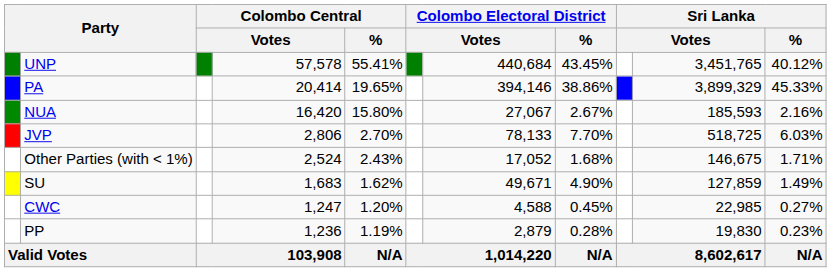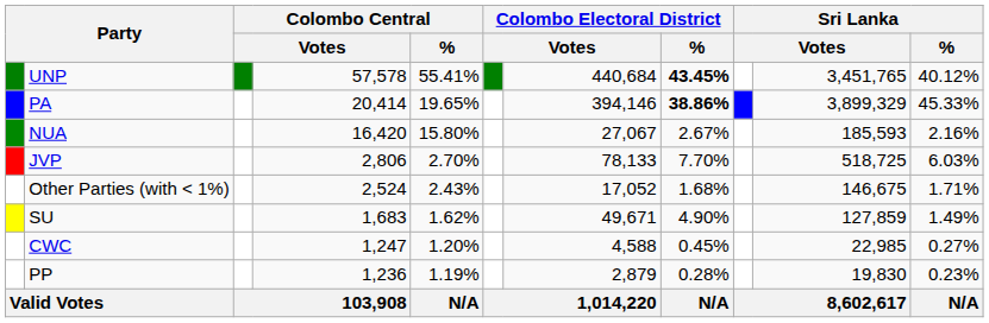 <table class="wikitable">
 <tr>
 <th colspan="2" width="144px"rowspan="2">Party</th>
 <th colspan="3" width="216px">Colombo Central</th>
 <th colspan="3" width="216px"><a href='#'>Colombo Electoral District</a></th>
 <th colspan="3" width="216px">Sri Lanka</th>
 </tr>
 <tr>
 <th colspan="2" width="144px">Votes</th>
 <th>%</th>
 <th colspan="2" width="144px">Votes</th>
 <th>%</th>
 <th colspan="2" width="144px">Votes</th>
 <th>%</th>
 </tr>
 <tr>
 <td style="background-color:green;" width="10px"></td>
 <td style="text-align:left;"><a href='#'>UNP</a></td>
 <td style="background-color:green;" width="10px"></td>
 <td style="text-align:right;">57,578</td>
 <td style="text-align:right;">55.41%</td>
 <td style="background-color:green;" width="10px"></td>
 <td style="text-align:right;">440,684</td>
-<td style="text-align:right;">43.45%</td>
+<td style="text-align:right;"><strong>43.45%</strong></td>
 <td style="background-color:white;" width="10px"></td>
 <td style="text-align:right;">3,451,765</td>
 <td style="text-align:right;">40.12%</td>
 </tr>
 <tr>
 <td style="background-color:blue;" width="10px"></td>
 <td style="text-align:left;"><a href='#'>PA</a></td>
 <td style="background-color:white;" width="10px"></td>
 <td style="text-align:right;">20,414</td>
 <td style="text-align:right;">19.65%</td>
 <td style="background-color:white;" width="10px"></td>
 <td style="text-align:right;">394,146</td>
-<td style="text-align:right;">38.86%</td>
+<td style="text-align:right;"><strong>38.86%</strong></td>
 <td style="background-color:blue;" width="10px"></td>
 <td style="text-align:right;">3,899,329</td>
 <td style="text-align:right;">45.33%</td>
 </tr>
 <tr>
 <td style="background-color:#008800;" width="10px"></td>
 <td style="text-align:left;"><a href='#'>NUA</a></td>
 <td style="background-color:white;" width="10px"></td>
 <td style="text-align:right;">16,420</td>
 <td style="text-align:right;">15.80%</td>
 <td style="background-color:white;" width="10px"></td>
 <td style="text-align:right;">27,067</td>
 <td style="text-align:right;">2.67%</td>
 <td style="background-color:white;" width="10px"></td>
 <td style="text-align:right;">185,593</td>
 <td style="text-align:right;">2.16%</td>
 </tr>
 <tr>
 <td style="background-color:red;" width="10px"></td>
 <td style="text-align:left;"><a href='#'>JVP</a></td>
 <td style="background-color:white;" width="10px"></td>
 <td style="text-align:right;">2,806</td>
 <td style="text-align:right;">2.70%</td>
 <td style="background-color:white;" width="10px"></td>
 <td style="text-align:right;">78,133</td>
 <td style="text-align:right;">7.70%</td>
 <td style="background-color:white;" width="10px"></td>
 <td style="text-align:right;">518,725</td>
 <td style="text-align:right;">6.03%</td>
 </tr>
 <tr>
 <td style="background-color:white;" width="10px"></td>
 <td style="text-align:left;">Other Parties (with < 1%)</td>
 <td style="background-color:white;" width="10px"></td>
 <td style="text-align:right;">2,524</td>
 <td style="text-align:right;">2.43%</td>
 <td style="background-color:white;" width="10px"></td>
 <td style="text-align:right;">17,052</td>
 <td style="text-align:right;">1.68%</td>
 <td style="background-color:white;" width="10px"></td>
 <td style="text-align:right;">146,675</td>
 <td style="text-align:right;">1.71%</td>
 </tr>
 <tr>
 <td style="background-color:yellow;" width="10px"></td>
 <td style="text-align:left;">SU</td>
 <td style="background-color:white;" width="10px"></td>
 <td style="text-align:right;">1,683</td>
 <td style="text-align:right;">1.62%</td>
 <td style="background-color:white;" width="10px"></td>
 <td style="text-align:right;">49,671</td>
 <td style="text-align:right;">4.90%</td>
 <td style="background-color:white;" width="10px"></td>
 <td style="text-align:right;">127,859</td>
 <td style="text-align:right;">1.49%</td>
 </tr>
 <tr>
 <td style="background-color:white;" width="10px"></td>
 <td style="text-align:left;"><a href='#'>CWC</a></td>
 <td style="background-color:white;" width="10px"></td>
 <td style="text-align:right;">1,247</td>
 <td style="text-align:right;">1.20%</td>
 <td style="background-color:white;" width="10px"></td>
 <td style="text-align:right;">4,588</td>
 <td style="text-align:right;">0.45%</td>
 <td style="background-color:white;" width="10px"></td>
 <td style="text-align:right;">22,985</td>
 <td style="text-align:right;">0.27%</td>
 </tr>
 <tr>
 <td style="background-color:white;" width="10px"></td>
 <td style="text-align:left;">PP</td>
 <td style="background-color:white;" width="10px"></td>
 <td style="text-align:right;">1,236</td>
 <td style="text-align:right;">1.19%</td>
 <td style="background-color:white;" width="10px"></td>
 <td style="text-align:right;">2,879</td>
 <td style="text-align:right;">0.28%</td>
 <td style="background-color:white;" width="10px"></td>
 <td style="text-align:right;">19,830</td>
 <td style="text-align:right;">0.23%</td>
 </tr>
 <tr>
 <th colspan="2" width="144px"style="text-align:left;">Valid Votes</th>
 <th style="text-align:right;"colspan="2" width="144px">103,908</th>
 <th style="text-align:right;">N/A</th>
 <th style="text-align:right;"colspan="2" width="144px">1,014,220</th>
 <th style="text-align:right;">N/A</th>
 <th style="text-align:right;"colspan="2" width="144px">8,602,617</th>
 <th style="text-align:right;">N/A</th>
 </tr>
 </table>
